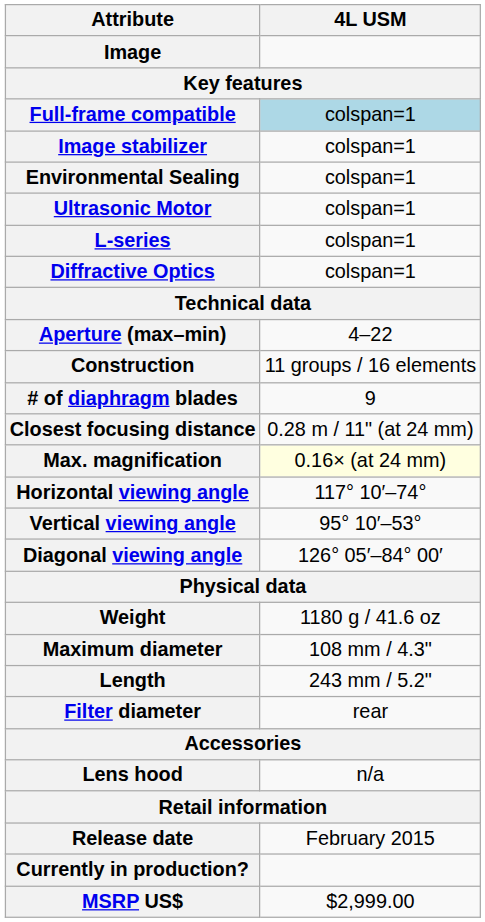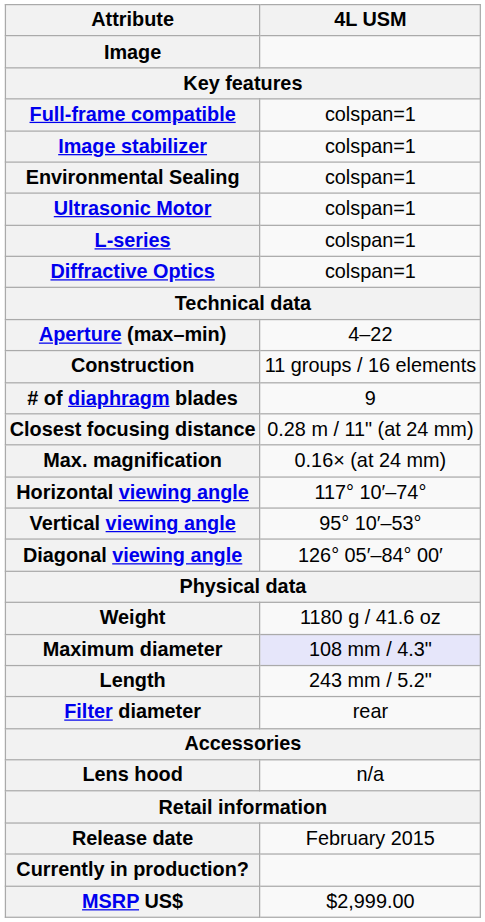 <table class="wikitable" style="margin: 1em auto; text-align:center;">
 <tr>
 <th>Attribute</th>
 <th>4L USM</th>
 </tr>
 <tr>
 <th>Image</th>
 <td></td>
 </tr>
 <tr>
 <th colspan=2>Key features</th>
 </tr>
 <tr>
 <th><a href='#'>Full-frame compatible</a></th>
-<td style="background: lightblue;">colspan=1 </td>
+<td>colspan=1 </td>
 </tr>
 <tr>
 <th><a href='#'>Image stabilizer</a></th>
 <td>colspan=1 </td>
 </tr>
 <tr>
 <th>Environmental Sealing</th>
 <td>colspan=1 </td>
 </tr>
 <tr>
 <th><a href='#'>Ultrasonic Motor</a></th>
 <td>colspan=1 </td>
 </tr>
 <tr>
 <th><a href='#'>L-series</a></th>
 <td>colspan=1 </td>
 </tr>
 <tr>
 <th><a href='#'>Diffractive Optics</a></th>
 <td>colspan=1 </td>
 </tr>
 <tr>
 <th colspan=2>Technical data</th>
 </tr>
 <tr>
 <th><a href='#'>Aperture</a> (max–min)</th>
 <td>4–22</td>
 </tr>
 <tr>
 <th>Construction</th>
 <td>11 groups / 16 elements</td>
 </tr>
 <tr>
 <th># of <a href='#'>diaphragm</a> blades</th>
 <td>9</td>
 </tr>
 <tr>
 <th>Closest focusing distance</th>
 <td>0.28 m / 11" (at 24 mm)</td>
 </tr>
 <tr>
 <th>Max. magnification</th>
-<td style="background: lightyellow;">0.16× (at 24 mm)</td>
+<td>0.16× (at 24 mm)</td>
 </tr>
 <tr>
 <th>Horizontal <a href='#'>viewing angle</a></th>
 <td>117° 10′–74°</td>
 </tr>
 <tr>
 <th>Vertical <a href='#'>viewing angle</a></th>
 <td>95° 10′–53°</td>
 </tr>
 <tr>
 <th>Diagonal <a href='#'>viewing angle</a></th>
 <td>126° 05′–84° 00′</td>
 </tr>
 <tr>
 <th colspan=4>Physical data</th>
 </tr>
 <tr>
 <th>Weight</th>
 <td>1180 g / 41.6 oz</td>
 </tr>
 <tr>
 <th>Maximum diameter</th>
-<td>108 mm / 4.3"</td>
+<td style="background: lavender;">108 mm / 4.3"</td>
 </tr>
 <tr>
 <th>Length</th>
 <td>243 mm / 5.2"</td>
 </tr>
 <tr>
 <th><a href='#'>Filter</a> diameter</th>
 <td>rear</td>
 </tr>
 <tr>
 <th colspan=2>Accessories</th>
 </tr>
 <tr>
 <th>Lens hood</th>
 <td>n/a</td>
 </tr>
 <tr>
 <th colspan=2>Retail information</th>
 </tr>
 <tr>
 <th>Release date</th>
 <td>February 2015</td>
 </tr>
 <tr>
 <th>Currently in production?</th>
 <td></td>
 </tr>
 <tr>
 <th><a href='#'>MSRP</a> US$</th>
 <td>$2,999.00</td>
 </tr>
 </table>
